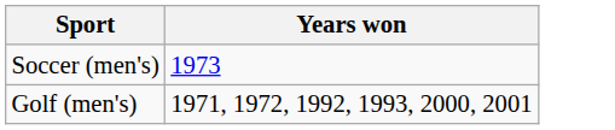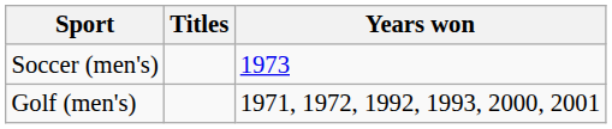 <table class="wikitable"; style= "text-align: ">
 <tr>
 <th width=px>Sport</th>
+<th width=px>Titles</th>
 <th width=px>Years won</th>
 </tr>
 <tr>
 <td>Soccer (men's)</td>
+<td></td>
 <td><a href='#'>1973</a></td>
 </tr>
 <tr>
 <td>Golf (men's)</td>
+<td></td>
 <td>1971, 1972, 1992, 1993, 2000, 2001</td>
 </tr>
 </table>
